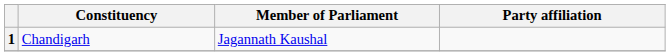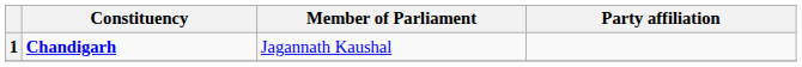 <table class="wikitable sortable">
 <tr style="text-align:center;">
 <th></th>
 <th style="width:13em">Constituency</th>
 <th style="width:15em">Member of Parliament</th>
 <th colspan="2" style="width:15em">Party affiliation</th>
 </tr>
 <tr>
 <th>1</th>
-<td><a href='#'>Chandigarh</a></td>
+<td><strong><a href='#'>Chandigarh</a></strong></td>
 <td><a href='#'>Jagannath Kaushal</a></td>
 <td></td>
 </tr>
 <tr>
 </tr>
 </table>
